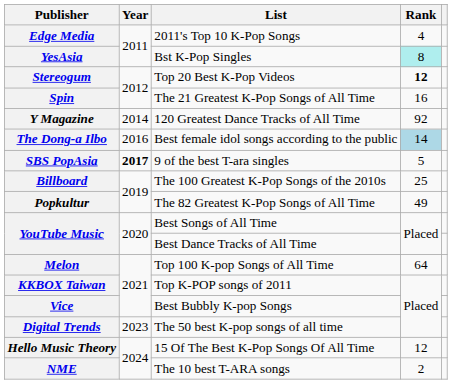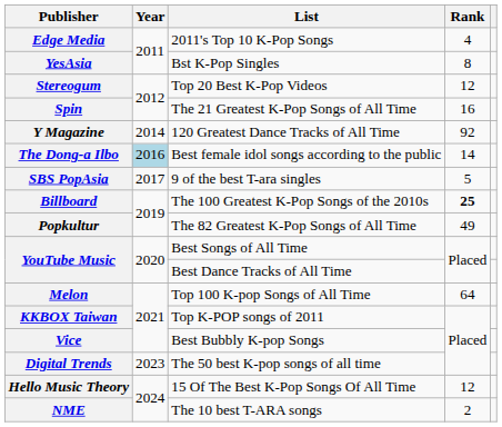 <table class="wikitable plainrowheaders sortable">
 <tr>
 <th>Publisher</th>
 <th>Year</th>
 <th>List</th>
 <th>Rank</th>
 <th class="unsortable"></th>
 </tr>
 <tr>
 <th scope="row"><em><a href='#'>Edge Media</a></em></th>
 <td rowspan="2" scope="row" style="text-align:center;">2011</td>
 <td>2011's Top 10 K-Pop Songs</td>
 <td align="center">4</td>
 <td></td>
 </tr>
 <tr>
 <th scope="row"><em><a href='#'>YesAsia</a></em></th>
 <td>Bst K-Pop Singles</td>
-<td align="center" style="background: paleturquoise;">8</td>
+<td align="center">8</td>
 <td></td>
 </tr>
 <tr>
 <th scope="row"><em><a href='#'>Stereogum</a></em></th>
 <td rowspan="2" scope="row" style="text-align:center;">2012</td>
 <td>Top 20 Best K-Pop Videos</td>
-<td align="center"><strong>12</strong></td>
+<td align="center">12</td>
 <td></td>
 </tr>
 <tr>
 <th scope="row"><a href='#'><em>Spin</em></a></th>
 <td>The 21 Greatest K-Pop Songs of All Time</td>
 <td align="center">16</td>
 <td></td>
 </tr>
 <tr>
 <th scope="row"><em>Y Magazine</em></th>
 <td scope="row" style="text-align:center;">2014</td>
 <td>120 Greatest Dance Tracks of All Time</td>
 <td align="center">92</td>
 <td></td>
 </tr>
 <tr>
 <th scope="row"><em><a href='#'>The Dong-a Ilbo</a></em></th>
-<td scope="row" style="text-align:center;">2016</td>
+<td scope="row" style="background: lightblue; text-align:center;">2016</td>
 <td>Best female idol songs according to the public</td>
-<td align="center" style="background: lightblue;">14</td>
+<td align="center">14</td>
 <td></td>
 </tr>
 <tr>
 <th scope="row"><em><a href='#'>SBS PopAsia</a></em></th>
-<td scope="row" style="text-align:center;"><strong>2017</strong></td>
+<td scope="row" style="text-align:center;">2017</td>
 <td>9 of the best T-ara singles</td>
 <td align="center">5</td>
 <td></td>
 </tr>
 <tr>
 <th scope="row"><a href='#'><em>Billboard</em></a></th>
 <td rowspan="2" scope="row" style="text-align:center;">2019</td>
 <td>The 100 Greatest K-Pop Songs of the 2010s</td>
-<td align="center">25</td>
+<td align="center"><strong>25</strong></td>
 <td></td>
 </tr>
 <tr>
 <th scope="row"><em>Popkultur</em></th>
 <td>The 82 Greatest K-Pop Songs of All Time</td>
 <td align="center">49</td>
 <td></td>
 </tr>
 <tr>
 <th scope="row"  rowspan="2"><em><a href='#'>YouTube Music</a></em></th>
 <td align="center"  rowspan="2" scope="row">2020</td>
 <td>Best Songs of All Time</td>
 <td rowspan="2">Placed</td>
 <td></td>
 </tr>
 <tr>
 <td>Best Dance Tracks of All Time</td>
 <td></td>
 </tr>
 <tr>
 <th scope="row"><a href='#'><em>Melon</em></a></th>
 <td rowspan="3" scope="row" style="text-align:center;">2021</td>
 <td>Top 100 K-pop Songs of All Time</td>
 <td align="center">64</td>
 <td></td>
 </tr>
 <tr>
 <th scope="row"><em><a href='#'>KKBOX Taiwan</a></em></th>
 <td>Top K-POP songs of 2011</td>
 <td align="center" rowspan="3">Placed</td>
 <td></td>
 </tr>
 <tr>
 <th scope="row"><a href='#'><em>Vice</em></a></th>
 <td>Best Bubbly K-pop Songs</td>
 <td></td>
 </tr>
 <tr>
 <th scope="row"><em><a href='#'>Digital Trends</a></em></th>
 <td align="center">2023</td>
 <td>The 50 best K-pop songs of all time</td>
 <td></td>
 </tr>
 <tr>
 <th scope="row"><em>Hello Music Theory</em></th>
 <td rowspan="2" scope="row" style="text-align:center;">2024</td>
 <td>15 Of The Best K-Pop Songs Of All Time</td>
 <td align="center">12</td>
 <td></td>
 </tr>
 <tr>
 <th scope="row"><em><a href='#'>NME</a></em></th>
 <td>The 10 best T-ARA songs</td>
 <td align="center">2</td>
 <td></td>
 </tr>
 </table>
